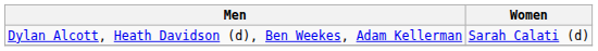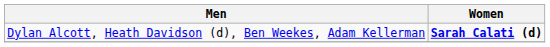 <table class="wikitable">
 <tr>
 <th>Men</th>
 <th>Women</th>
 </tr>
 <tr>
 <td><a href='#'>Dylan Alcott</a>, <a href='#'>Heath Davidson</a> (d), <a href='#'>Ben Weekes</a>, <a href='#'>Adam Kellerman</a></td>
-<td><a href='#'>Sarah Calati</a> (d)</td>
+<td><strong><a href='#'>Sarah Calati</a> (d)</strong></td>
 </tr>
 <tr>
 </tr>
 </table>
